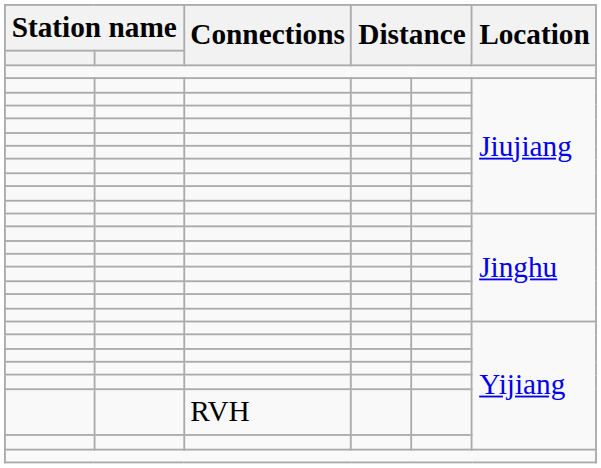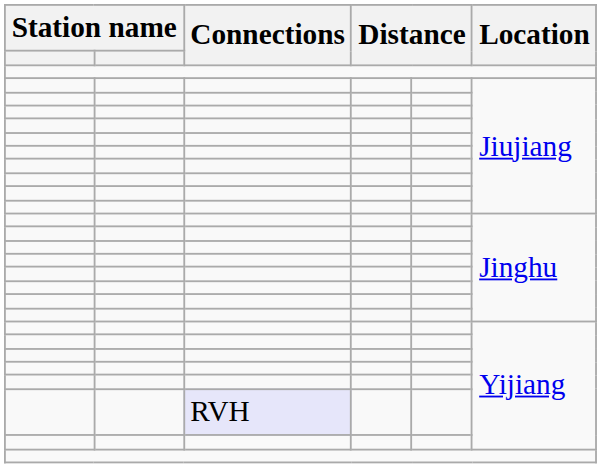 <table class="wikitable">
 <tr>
 <th colspan=2>Station name</th>
 <th rowspan=2>Connections</th>
 <th colspan="2" rowspan="2">Distance<br></th>
 <th rowspan="2">Location</th>
 </tr>
 <tr>
 <th></th>
 <th></th>
 </tr>
 <tr style="background:#">
 <td colspan = "6"></td>
 </tr>
 <tr>
 <td></td>
 <td></td>
 <td></td>
 <td></td>
 <td></td>
 <td rowspan="10"><a href='#'>Jiujiang</a></td>
 </tr>
 <tr>
 <td></td>
 <td></td>
 <td></td>
 <td></td>
 <td></td>
 </tr>
 <tr>
 <td></td>
 <td></td>
 <td></td>
 <td></td>
 <td></td>
 </tr>
 <tr>
 <td></td>
 <td></td>
 <td></td>
 <td></td>
 <td></td>
 </tr>
 <tr>
 <td></td>
 <td></td>
 <td></td>
 <td></td>
 <td></td>
 </tr>
 <tr>
 <td></td>
 <td></td>
 <td></td>
 <td></td>
 <td></td>
 </tr>
 <tr>
 <td></td>
 <td></td>
 <td></td>
 <td></td>
 <td></td>
 </tr>
 <tr>
 <td></td>
 <td></td>
 <td></td>
 <td></td>
 <td></td>
 </tr>
 <tr>
 <td></td>
 <td></td>
 <td></td>
 <td></td>
 <td></td>
 </tr>
 <tr>
 <td></td>
 <td></td>
 <td></td>
 <td></td>
 <td></td>
 </tr>
 <tr>
 <td></td>
 <td></td>
 <td></td>
 <td></td>
 <td></td>
 <td rowspan="8"><a href='#'>Jinghu</a></td>
 </tr>
 <tr>
 <td></td>
 <td></td>
 <td></td>
 <td></td>
 <td></td>
 </tr>
 <tr>
 <td></td>
 <td></td>
 <td></td>
 <td></td>
 <td></td>
 </tr>
 <tr>
 <td></td>
 <td></td>
 <td></td>
 <td></td>
 <td></td>
 </tr>
 <tr>
 <td></td>
 <td></td>
 <td></td>
 <td></td>
 <td></td>
 </tr>
 <tr>
 <td></td>
 <td></td>
 <td></td>
 <td></td>
 <td></td>
 </tr>
 <tr>
 <td></td>
 <td></td>
 <td></td>
 <td></td>
 <td></td>
 </tr>
 <tr>
 <td></td>
 <td></td>
 <td></td>
 <td></td>
 <td></td>
 </tr>
 <tr>
 <td></td>
 <td></td>
 <td></td>
 <td></td>
 <td></td>
 <td rowspan="7"><a href='#'>Yijiang</a></td>
 </tr>
 <tr>
 <td></td>
 <td></td>
 <td></td>
 <td></td>
 <td></td>
 </tr>
 <tr>
 <td></td>
 <td></td>
 <td></td>
 <td></td>
 <td></td>
 </tr>
 <tr>
 <td></td>
 <td></td>
 <td></td>
 <td></td>
 <td></td>
 </tr>
 <tr>
 <td></td>
 <td></td>
 <td></td>
 <td></td>
 <td></td>
 </tr>
 <tr>
 <td></td>
 <td></td>
-<td> RVH</td>
+<td style="background: lavender;"> RVH</td>
 <td></td>
 <td></td>
 </tr>
 <tr>
 <td></td>
 <td></td>
 <td></td>
 <td></td>
 <td></td>
 </tr>
 <tr style="background:#">
 <td colspan = "6"></td>
 </tr>
 </table>
